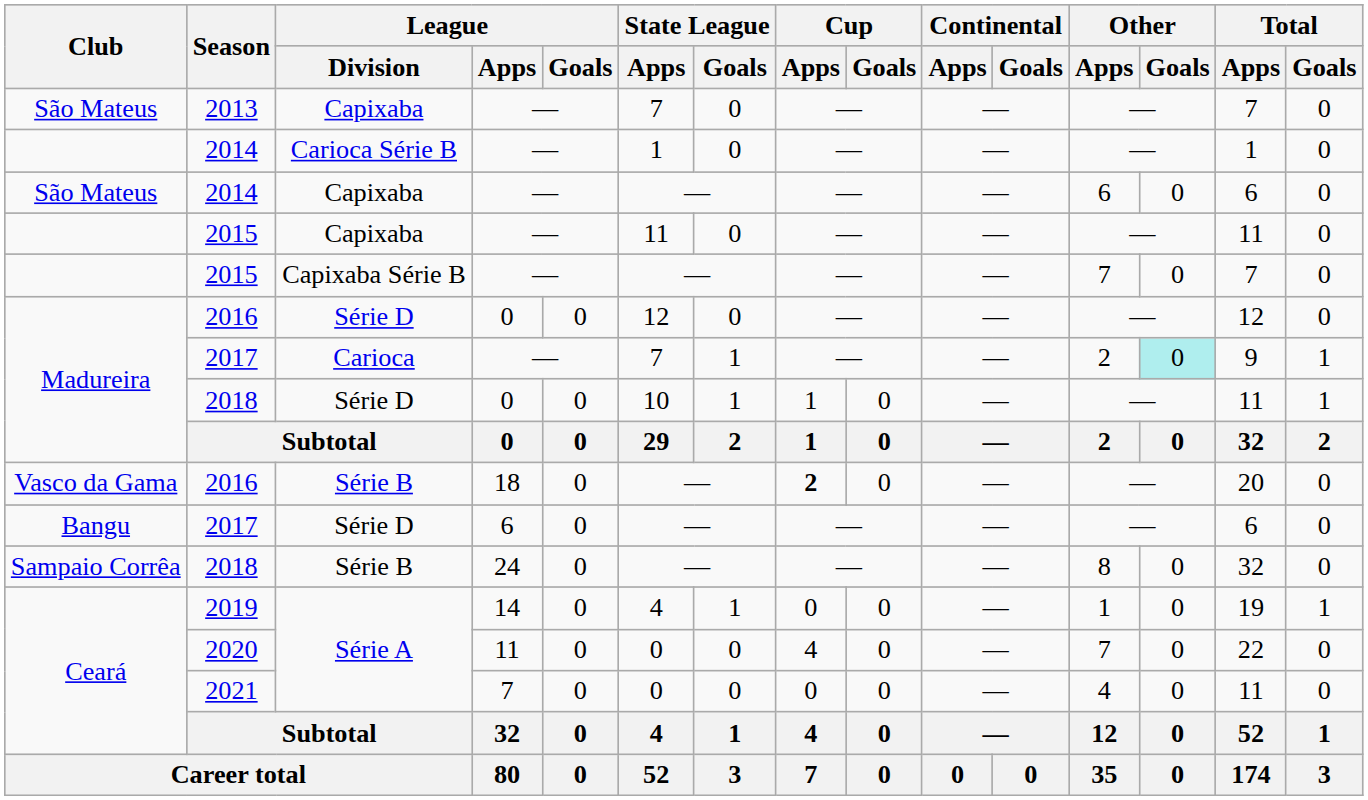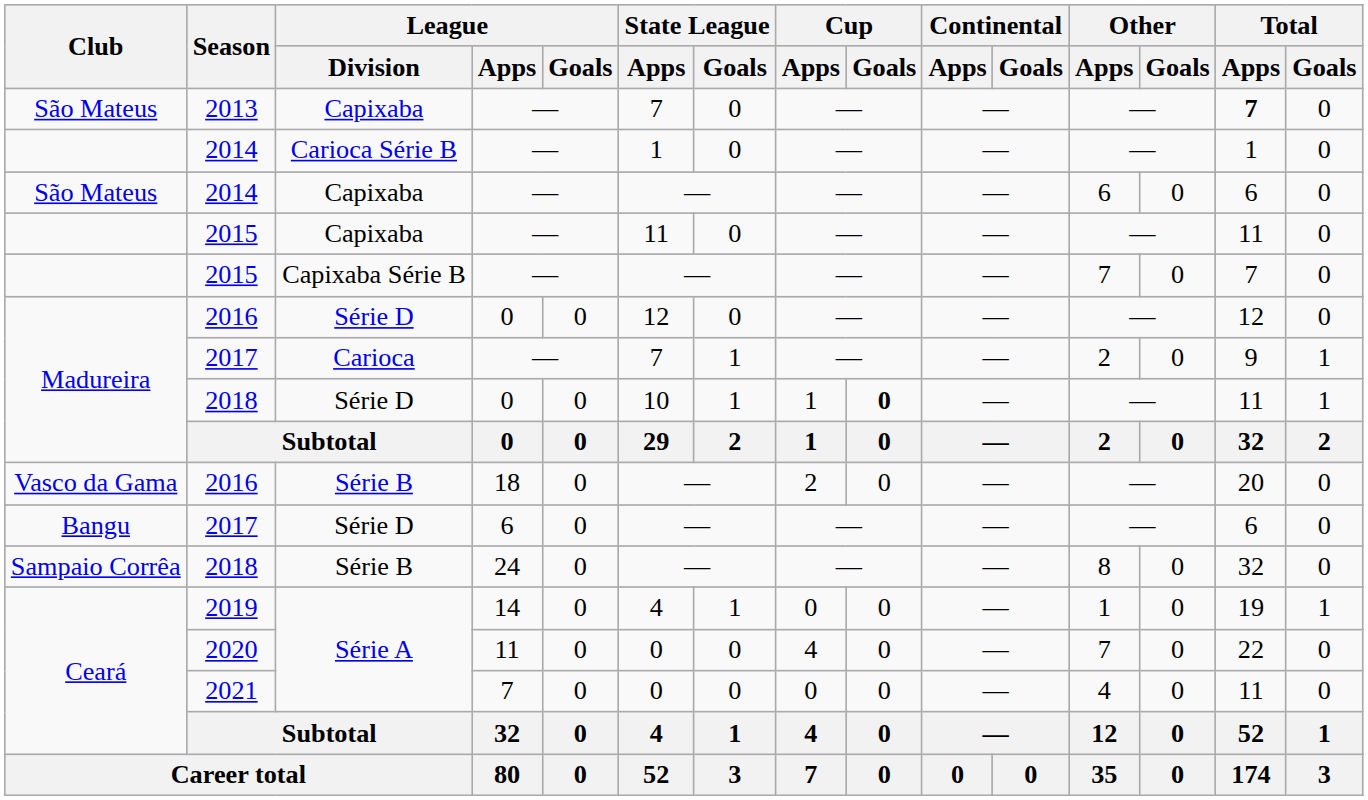 <table class="wikitable" style="text-align: center;">
 <tr>
 <th rowspan="2">Club</th>
 <th rowspan="2">Season</th>
 <th colspan="3">League</th>
 <th colspan="2">State League</th>
 <th colspan="2">Cup</th>
 <th colspan="2">Continental</th>
 <th colspan="2">Other</th>
 <th colspan="2">Total</th>
 </tr>
 <tr>
 <th>Division</th>
 <th>Apps</th>
 <th>Goals</th>
 <th>Apps</th>
 <th>Goals</th>
 <th>Apps</th>
 <th>Goals</th>
 <th>Apps</th>
 <th>Goals</th>
 <th>Apps</th>
 <th>Goals</th>
 <th>Apps</th>
 <th>Goals</th>
 </tr>
 <tr>
 <td valign="center"><a href='#'>São Mateus</a></td>
 <td><a href='#'>2013</a></td>
 <td><a href='#'>Capixaba</a></td>
 <td colspan="2">—</td>
 <td>7</td>
 <td>0</td>
 <td colspan="2">—</td>
 <td colspan="2">—</td>
 <td colspan="2">—</td>
-<td>7</td>
+<td><strong>7</strong></td>
 <td>0</td>
 </tr>
 <tr>
 <td valign="center"></td>
 <td><a href='#'>2014</a></td>
 <td><a href='#'>Carioca Série B</a></td>
 <td colspan="2">—</td>
 <td>1</td>
 <td>0</td>
 <td colspan="2">—</td>
 <td colspan="2">—</td>
 <td colspan="2">—</td>
 <td>1</td>
 <td>0</td>
 </tr>
 <tr>
 <td valign="center"><a href='#'>São Mateus</a></td>
 <td><a href='#'>2014</a></td>
 <td>Capixaba</td>
 <td colspan="2">—</td>
 <td colspan="2">—</td>
 <td colspan="2">—</td>
 <td colspan="2">—</td>
 <td>6</td>
 <td>0</td>
 <td>6</td>
 <td>0</td>
 </tr>
 <tr>
 <td valign="center"></td>
 <td><a href='#'>2015</a></td>
 <td>Capixaba</td>
 <td colspan="2">—</td>
 <td>11</td>
 <td>0</td>
 <td colspan="2">—</td>
 <td colspan="2">—</td>
 <td colspan="2">—</td>
 <td>11</td>
 <td>0</td>
 </tr>
 <tr>
 <td valign="center"></td>
 <td><a href='#'>2015</a></td>
 <td>Capixaba Série B</td>
 <td colspan="2">—</td>
 <td colspan="2">—</td>
 <td colspan="2">—</td>
 <td colspan="2">—</td>
 <td>7</td>
 <td>0</td>
 <td>7</td>
 <td>0</td>
 </tr>
 <tr>
 <td rowspan="4" valign="center"><a href='#'>Madureira</a></td>
 <td><a href='#'>2016</a></td>
 <td><a href='#'>Série D</a></td>
 <td>0</td>
 <td>0</td>
 <td>12</td>
 <td>0</td>
 <td colspan="2">—</td>
 <td colspan="2">—</td>
 <td colspan="2">—</td>
 <td>12</td>
 <td>0</td>
 </tr>
 <tr>
 <td><a href='#'>2017</a></td>
 <td><a href='#'>Carioca</a></td>
 <td colspan="2">—</td>
 <td>7</td>
 <td>1</td>
 <td colspan="2">—</td>
 <td colspan="2">—</td>
 <td>2</td>
-<td style="background: paleturquoise;">0</td>
+<td>0</td>
 <td>9</td>
 <td>1</td>
 </tr>
 <tr>
 <td><a href='#'>2018</a></td>
 <td>Série D</td>
 <td>0</td>
 <td>0</td>
 <td>10</td>
 <td>1</td>
 <td>1</td>
-<td>0</td>
+<td><strong>0</strong></td>
 <td colspan="2">—</td>
 <td colspan="2">—</td>
 <td>11</td>
 <td>1</td>
 </tr>
 <tr>
 <th colspan="2">Subtotal</th>
 <th>0</th>
 <th>0</th>
 <th>29</th>
 <th>2</th>
 <th>1</th>
 <th>0</th>
 <th colspan="2">—</th>
 <th>2</th>
 <th>0</th>
 <th>32</th>
 <th>2</th>
 </tr>
 <tr>
 <td valign="center"><a href='#'>Vasco da Gama</a></td>
 <td><a href='#'>2016</a></td>
 <td><a href='#'>Série B</a></td>
 <td>18</td>
 <td>0</td>
 <td colspan="2">—</td>
-<td><strong>2</strong></td>
+<td>2</td>
 <td>0</td>
 <td colspan="2">—</td>
 <td colspan="2">—</td>
 <td>20</td>
 <td>0</td>
 </tr>
 <tr>
 <td valign="center"><a href='#'>Bangu</a></td>
 <td><a href='#'>2017</a></td>
 <td>Série D</td>
 <td>6</td>
 <td>0</td>
 <td colspan="2">—</td>
 <td colspan="2">—</td>
 <td colspan="2">—</td>
 <td colspan="2">—</td>
 <td>6</td>
 <td>0</td>
 </tr>
 <tr>
 <td valign="center"><a href='#'>Sampaio Corrêa</a></td>
 <td><a href='#'>2018</a></td>
 <td>Série B</td>
 <td>24</td>
 <td>0</td>
 <td colspan="2">—</td>
 <td colspan="2">—</td>
 <td colspan="2">—</td>
 <td>8</td>
 <td>0</td>
 <td>32</td>
 <td>0</td>
 </tr>
 <tr>
 <td rowspan="4" valign="center"><a href='#'>Ceará</a></td>
 <td><a href='#'>2019</a></td>
 <td rowspan="3"><a href='#'>Série A</a></td>
 <td>14</td>
 <td>0</td>
 <td>4</td>
 <td>1</td>
 <td>0</td>
 <td>0</td>
 <td colspan="2">—</td>
 <td>1</td>
 <td>0</td>
 <td>19</td>
 <td>1</td>
 </tr>
 <tr>
 <td><a href='#'>2020</a></td>
 <td>11</td>
 <td>0</td>
 <td>0</td>
 <td>0</td>
 <td>4</td>
 <td>0</td>
 <td colspan="2">—</td>
 <td>7</td>
 <td>0</td>
 <td>22</td>
 <td>0</td>
 </tr>
 <tr>
 <td><a href='#'>2021</a></td>
 <td>7</td>
 <td>0</td>
 <td>0</td>
 <td>0</td>
 <td>0</td>
 <td>0</td>
 <td colspan="2">—</td>
 <td>4</td>
 <td>0</td>
 <td>11</td>
 <td>0</td>
 </tr>
 <tr>
 <th colspan="2">Subtotal</th>
 <th>32</th>
 <th>0</th>
 <th>4</th>
 <th>1</th>
 <th>4</th>
 <th>0</th>
 <th colspan="2">—</th>
 <th>12</th>
 <th>0</th>
 <th>52</th>
 <th>1</th>
 </tr>
 <tr>
 <th colspan="3"><strong>Career total</strong></th>
 <th>80</th>
 <th>0</th>
 <th>52</th>
 <th>3</th>
 <th>7</th>
 <th>0</th>
 <th>0</th>
 <th>0</th>
 <th>35</th>
 <th>0</th>
 <th>174</th>
 <th>3</th>
 </tr>
 </table>
